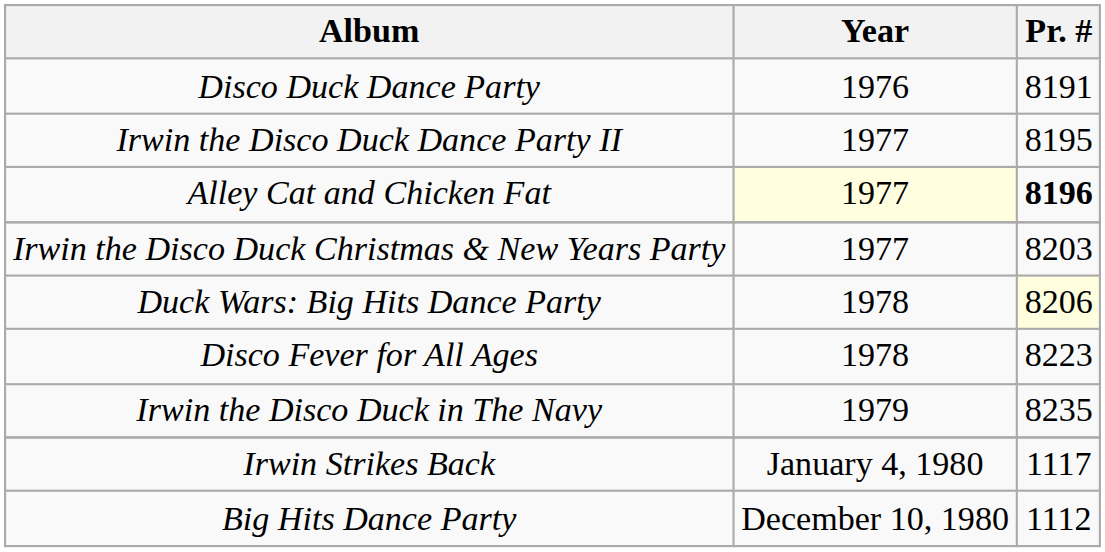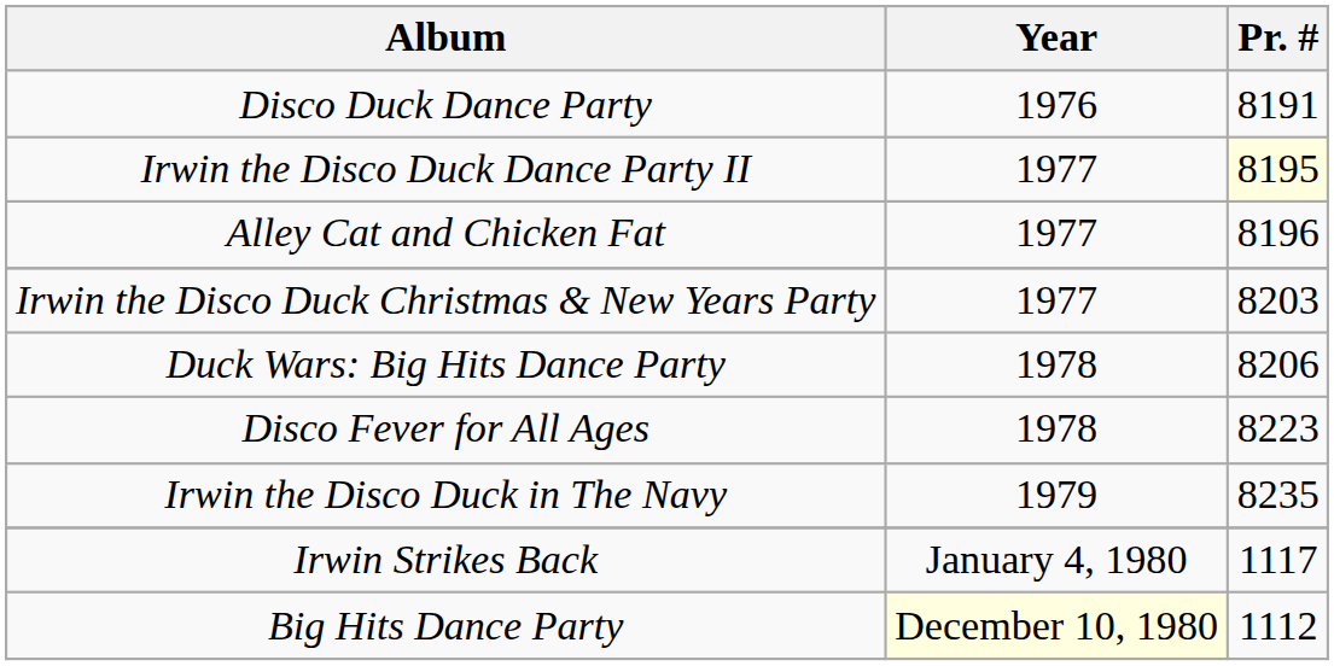 <table class="wikitable" style="text-align:center">
 <tr>
 <th>Album</th>
 <th>Year</th>
 <th>Pr. #</th>
 </tr>
 <tr>
 <td><em>Disco Duck Dance Party</em></td>
 <td>1976</td>
 <td>8191</td>
 </tr>
 <tr "Irwin the Disco Duck: In the Navy">
 <td><em>Irwin the Disco Duck Dance Party II</em></td>
 <td>1977</td>
-<td>8195</td>
+<td style="background: lightyellow;">8195</td>
 </tr>
 <tr>
 <td><em>Alley Cat and Chicken Fat</em></td>
-<td style="background: lightyellow;">1977</td>
-<td><strong>8196</strong></td>
+<td>1977</td>
+<td>8196</td>
 </tr>
 <tr>
 </tr>
 <tr>
 </tr>
 <tr>
 <td><em>Irwin the Disco Duck Christmas & New Years Party</em></td>
 <td>1977</td>
 <td>8203</td>
 </tr>
 <tr>
 <td><em>Duck Wars: Big Hits Dance Party</em></td>
 <td>1978</td>
-<td style="background: lightyellow;">8206</td>
+<td>8206</td>
 </tr>
 <tr>
 <td><em>Disco Fever for All Ages</em></td>
 <td>1978</td>
 <td>8223</td>
 </tr>
 <tr>
 <td><em>Irwin the Disco Duck in The Navy</em></td>
 <td>1979</td>
 <td>8235</td>
 </tr>
 <tr>
 </tr>
 <tr>
 </tr>
 <tr>
 <td><em>Irwin Strikes Back</em></td>
 <td>January 4, 1980</td>
 <td>1117</td>
 </tr>
 <tr>
 <td><em>Big Hits Dance Party</em></td>
-<td>December 10, 1980</td>
+<td style="background: lightyellow;">December 10, 1980</td>
 <td>1112</td>
 </tr>
 </table>
